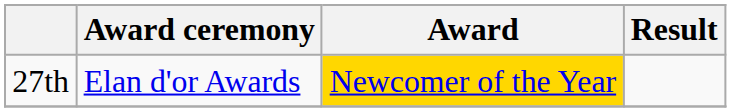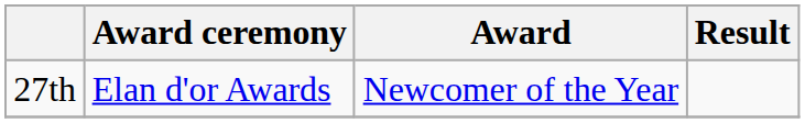 <table class="wikitable">
 <tr>
 <th></th>
 <th>Award ceremony</th>
 <th>Award</th>
 <th>Result</th>
 </tr>
 <tr>
 <td>27th</td>
 <td><a href='#'>Elan d'or Awards</a></td>
-<td style="background: gold;"><a href='#'>Newcomer of the Year</a></td>
+<td><a href='#'>Newcomer of the Year</a></td>
 <td></td>
 </tr>
 <tr>
 </tr>
 </table>
